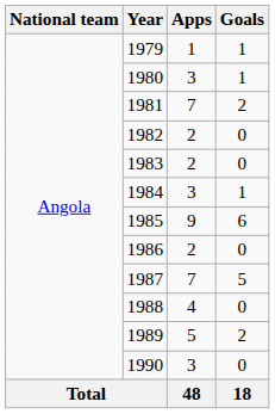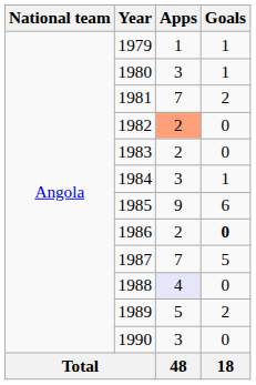 <table class="wikitable" style="text-align:center">
 <tr>
 <th>National team</th>
 <th>Year</th>
 <th>Apps</th>
 <th>Goals</th>
 </tr>
 <tr>
 <td rowspan="12"><a href='#'>Angola</a></td>
 <td>1979</td>
 <td>1</td>
 <td>1</td>
 </tr>
 <tr>
 <td>1980</td>
 <td>3</td>
 <td>1</td>
 </tr>
 <tr>
 <td>1981</td>
 <td>7</td>
 <td>2</td>
 </tr>
 <tr>
 <td>1982</td>
-<td>2</td>
+<td style="background: lightsalmon;">2</td>
 <td>0</td>
 </tr>
 <tr>
 <td>1983</td>
 <td>2</td>
 <td>0</td>
 </tr>
 <tr>
 <td>1984</td>
 <td>3</td>
 <td>1</td>
 </tr>
 <tr>
 <td>1985</td>
 <td>9</td>
 <td>6</td>
 </tr>
 <tr>
 <td>1986</td>
 <td>2</td>
-<td>0</td>
+<td><strong>0</strong></td>
 </tr>
 <tr>
 <td>1987</td>
 <td>7</td>
 <td>5</td>
 </tr>
 <tr>
 <td>1988</td>
-<td>4</td>
+<td style="background: lavender;">4</td>
 <td>0</td>
 </tr>
 <tr>
 <td>1989</td>
 <td>5</td>
 <td>2</td>
 </tr>
 <tr>
 <td>1990</td>
 <td>3</td>
 <td>0</td>
 </tr>
 <tr>
 <th colspan="2">Total</th>
 <th>48</th>
 <th>18</th>
 </tr>
 </table>
